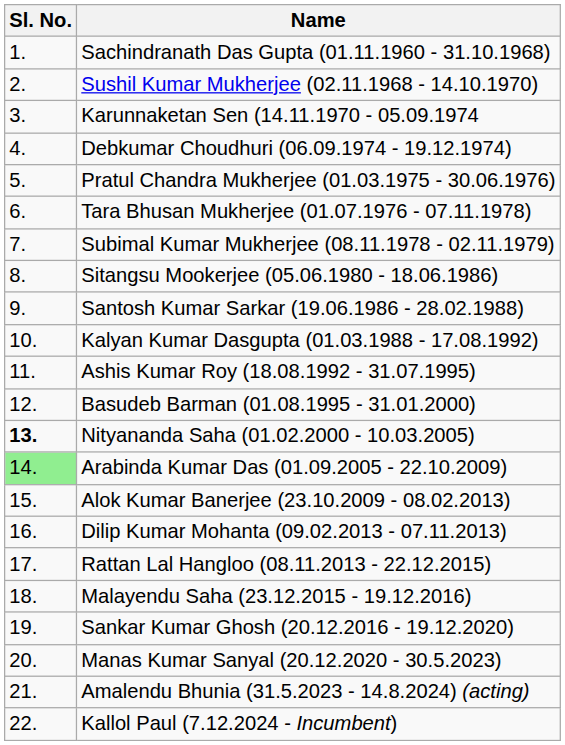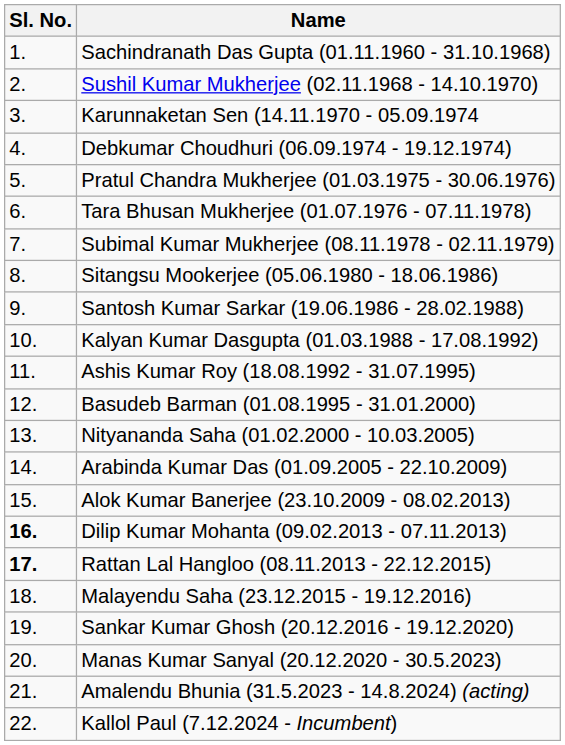 <table class="wikitable mw-collapsible mw-collapsed">
 <tr>
 <th scope="col">Sl. No.</th>
 <th scope="col">Name</th>
 </tr>
 <tr>
 <td>1.</td>
 <td>Sachindranath Das Gupta (01.11.1960 - 31.10.1968)</td>
 </tr>
 <tr>
 <td>2.</td>
 <td><a href='#'>Sushil Kumar Mukherjee</a> (02.11.1968 - 14.10.1970)</td>
 </tr>
 <tr>
 <td>3.</td>
 <td>Karunnaketan Sen (14.11.1970 - 05.09.1974</td>
 </tr>
 <tr>
 <td>4.</td>
 <td>Debkumar Choudhuri (06.09.1974 - 19.12.1974)</td>
 </tr>
 <tr>
 <td>5.</td>
 <td>Pratul Chandra Mukherjee (01.03.1975 - 30.06.1976)</td>
 </tr>
 <tr>
 <td>6.</td>
 <td>Tara Bhusan Mukherjee (01.07.1976 - 07.11.1978)</td>
 </tr>
 <tr>
 <td>7.</td>
 <td>Subimal Kumar Mukherjee (08.11.1978 - 02.11.1979)</td>
 </tr>
 <tr>
 <td>8.</td>
 <td>Sitangsu Mookerjee (05.06.1980 - 18.06.1986)</td>
 </tr>
 <tr>
 <td>9.</td>
 <td>Santosh Kumar Sarkar (19.06.1986 - 28.02.1988)</td>
 </tr>
 <tr>
 <td>10.</td>
 <td>Kalyan Kumar Dasgupta (01.03.1988 - 17.08.1992)</td>
 </tr>
 <tr>
 <td>11.</td>
 <td>Ashis Kumar Roy (18.08.1992 - 31.07.1995)</td>
 </tr>
 <tr>
 <td>12.</td>
 <td>Basudeb Barman (01.08.1995 - 31.01.2000)</td>
 </tr>
 <tr>
-<td><strong>13.</strong></td>
+<td>13.</td>
 <td>Nityananda Saha (01.02.2000 - 10.03.2005)</td>
 </tr>
 <tr>
-<td style="background: lightgreen;">14.</td>
+<td>14.</td>
 <td>Arabinda Kumar Das (01.09.2005 - 22.10.2009)</td>
 </tr>
 <tr>
 <td>15.</td>
 <td>Alok Kumar Banerjee (23.10.2009 - 08.02.2013)</td>
 </tr>
 <tr>
-<td>16.</td>
+<td><strong>16.</strong></td>
 <td>Dilip Kumar Mohanta (09.02.2013 - 07.11.2013)</td>
 </tr>
 <tr>
-<td>17.</td>
+<td><strong>17.</strong></td>
 <td>Rattan Lal Hangloo (08.11.2013 - 22.12.2015)</td>
 </tr>
 <tr>
 <td>18.</td>
 <td>Malayendu Saha (23.12.2015 - 19.12.2016)</td>
 </tr>
 <tr>
 <td>19.</td>
 <td>Sankar Kumar Ghosh (20.12.2016 - 19.12.2020)</td>
 </tr>
 <tr>
 <td>20.</td>
 <td>Manas Kumar Sanyal (20.12.2020 - 30.5.2023)</td>
 </tr>
 <tr>
 <td>21.</td>
 <td>Amalendu Bhunia (31.5.2023 - 14.8.2024) <em>(acting)</em></td>
 </tr>
 <tr>
 <td>22.</td>
 <td>Kallol Paul (7.12.2024 - <em>Incumbent</em>)</td>
 </tr>
 </table>
